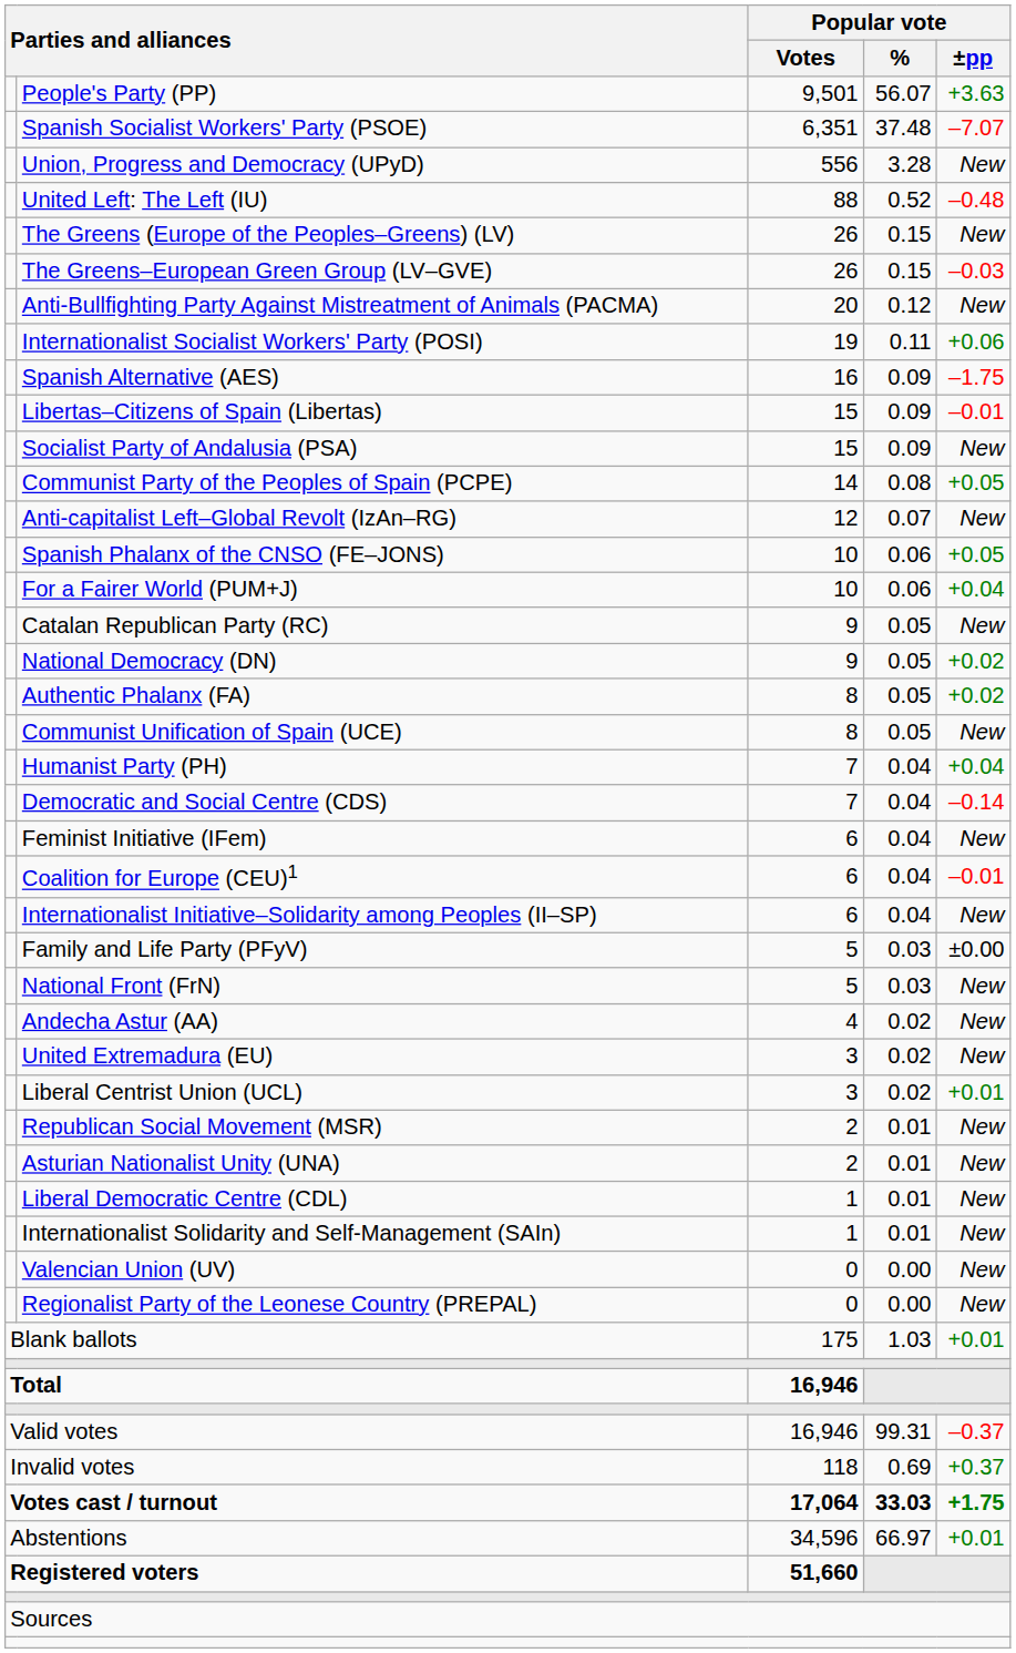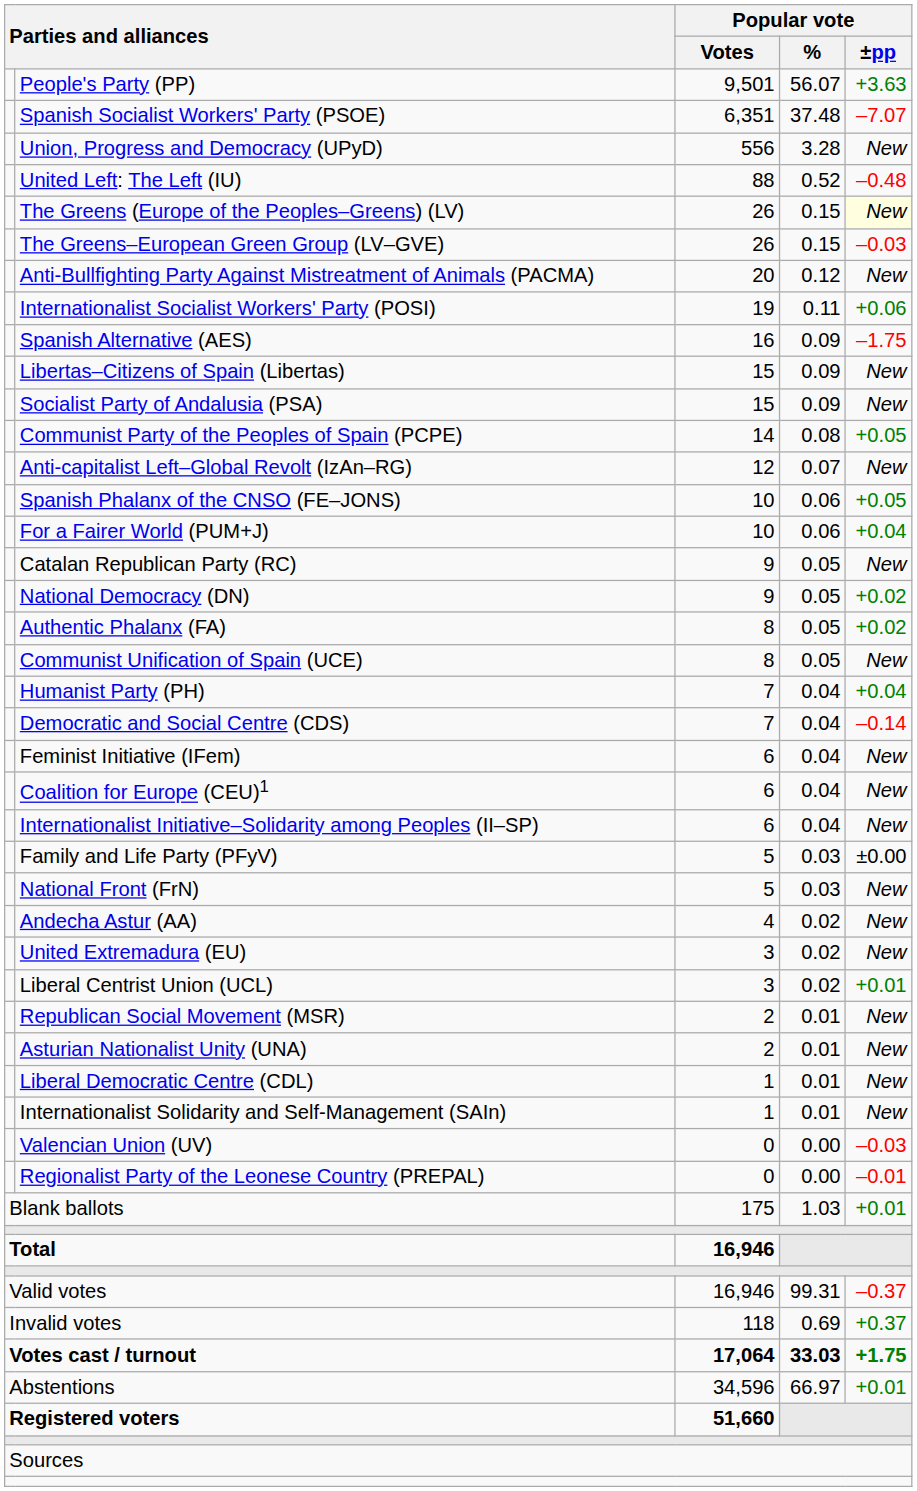 <table class="wikitable" style="text-align:right">
 <tr>
 <th style="text-align:left;" rowspan="2" colspan="2" width="525">Parties and alliances</th>
 <th colspan="3">Popular vote</th>
 </tr>
 <tr>
 <th width="75">Votes</th>
 <th width="45">%</th>
 <th width="45">±<a href='#'>pp</a></th>
 </tr>
 <tr>
 <td width="1" style="color:inherit;background:"></td>
 <td align="left"><a href='#'>People's Party</a> (PP)</td>
 <td>9,501</td>
 <td>56.07</td>
 <td style="color:green;">+3.63</td>
 </tr>
 <tr>
 <td style="color:inherit;background:"></td>
 <td align="left"><a href='#'>Spanish Socialist Workers' Party</a> (PSOE)</td>
 <td>6,351</td>
 <td>37.48</td>
 <td style="color:red;">–7.07</td>
 </tr>
 <tr>
 <td style="color:inherit;background:"></td>
 <td align="left"><a href='#'>Union, Progress and Democracy</a> (UPyD)</td>
 <td>556</td>
 <td>3.28</td>
 <td><em>New</em></td>
 </tr>
 <tr>
 <td style="color:inherit;background:"></td>
 <td align="left"><a href='#'>United Left</a>: <a href='#'>The Left</a> (IU)</td>
 <td>88</td>
 <td>0.52</td>
 <td style="color:red;">–0.48</td>
 </tr>
 <tr>
 <td style="color:inherit;background:"></td>
 <td align="left"><a href='#'>The Greens</a> (<a href='#'>Europe of the Peoples–Greens</a>) (LV)</td>
 <td>26</td>
 <td>0.15</td>
-<td><em>New</em></td>
+<td style="background: lightyellow;"><em>New</em></td>
 </tr>
 <tr>
 <td style="color:inherit;background:"></td>
 <td align="left"><a href='#'>The Greens–European Green Group</a> (LV–GVE)</td>
 <td>26</td>
 <td>0.15</td>
 <td style="color:red;">–0.03</td>
 </tr>
 <tr>
 <td style="color:inherit;background:"></td>
 <td align="left"><a href='#'>Anti-Bullfighting Party Against Mistreatment of Animals</a> (PACMA)</td>
 <td>20</td>
 <td>0.12</td>
 <td><em>New</em></td>
 </tr>
 <tr>
 <td style="color:inherit;background:"></td>
 <td align="left"><a href='#'>Internationalist Socialist Workers' Party</a> (POSI)</td>
 <td>19</td>
 <td>0.11</td>
 <td style="color:green;">+0.06</td>
 </tr>
 <tr>
 <td style="color:inherit;background:"></td>
 <td align="left"><a href='#'>Spanish Alternative</a> (AES)</td>
 <td>16</td>
 <td>0.09</td>
 <td style="color:red;">–1.75</td>
 </tr>
 <tr>
 <td style="color:inherit;background:"></td>
 <td align="left"><a href='#'>Libertas–Citizens of Spain</a> (Libertas)</td>
 <td>15</td>
 <td>0.09</td>
-<td style="color:red;">–0.01</td>
+<td><em>New</em></td>
 </tr>
 <tr>
 <td style="color:inherit;background:"></td>
 <td align="left"><a href='#'>Socialist Party of Andalusia</a> (PSA)</td>
 <td>15</td>
 <td>0.09</td>
 <td><em>New</em></td>
 </tr>
 <tr>
 <td style="color:inherit;background:"></td>
 <td align="left"><a href='#'>Communist Party of the Peoples of Spain</a> (PCPE)</td>
 <td>14</td>
 <td>0.08</td>
 <td style="color:green;">+0.05</td>
 </tr>
 <tr>
 <td style="color:inherit;background:"></td>
 <td align="left"><a href='#'>Anti-capitalist Left–Global Revolt</a> (IzAn–RG)</td>
 <td>12</td>
 <td>0.07</td>
 <td><em>New</em></td>
 </tr>
 <tr>
 <td style="color:inherit;background:"></td>
 <td align="left"><a href='#'>Spanish Phalanx of the CNSO</a> (FE–JONS)</td>
 <td>10</td>
 <td>0.06</td>
 <td style="color:green;">+0.05</td>
 </tr>
 <tr>
 <td style="color:inherit;background:"></td>
 <td align="left"><a href='#'>For a Fairer World</a> (PUM+J)</td>
 <td>10</td>
 <td>0.06</td>
 <td style="color:green;">+0.04</td>
 </tr>
 <tr>
 <td style="color:inherit;background:"></td>
 <td align="left">Catalan Republican Party (RC)</td>
 <td>9</td>
 <td>0.05</td>
 <td><em>New</em></td>
 </tr>
 <tr>
 <td style="color:inherit;background:"></td>
 <td align="left"><a href='#'>National Democracy</a> (DN)</td>
 <td>9</td>
 <td>0.05</td>
 <td style="color:green;">+0.02</td>
 </tr>
 <tr>
 <td style="color:inherit;background:"></td>
 <td align="left"><a href='#'>Authentic Phalanx</a> (FA)</td>
 <td>8</td>
 <td>0.05</td>
 <td style="color:green;">+0.02</td>
 </tr>
 <tr>
 <td style="color:inherit;background:"></td>
 <td align="left"><a href='#'>Communist Unification of Spain</a> (UCE)</td>
 <td>8</td>
 <td>0.05</td>
 <td><em>New</em></td>
 </tr>
 <tr>
 <td style="color:inherit;background:"></td>
 <td align="left"><a href='#'>Humanist Party</a> (PH)</td>
 <td>7</td>
 <td>0.04</td>
 <td style="color:green;">+0.04</td>
 </tr>
 <tr>
 <td style="color:inherit;background:"></td>
 <td align="left"><a href='#'>Democratic and Social Centre</a> (CDS)</td>
 <td>7</td>
 <td>0.04</td>
 <td style="color:red;">–0.14</td>
 </tr>
 <tr>
 <td style="color:inherit;background:"></td>
 <td align="left">Feminist Initiative (IFem)</td>
 <td>6</td>
 <td>0.04</td>
 <td><em>New</em></td>
 </tr>
 <tr>
 <td style="color:inherit;background:"></td>
 <td align="left"><a href='#'>Coalition for Europe</a> (CEU)<sup>1</sup></td>
 <td>6</td>
 <td>0.04</td>
-<td style="color:red;">–0.01</td>
+<td><em>New</em></td>
 </tr>
 <tr>
 <td style="color:inherit;background:"></td>
 <td align="left"><a href='#'>Internationalist Initiative–Solidarity among Peoples</a> (II–SP)</td>
 <td>6</td>
 <td>0.04</td>
 <td><em>New</em></td>
 </tr>
 <tr>
 <td style="color:inherit;background:"></td>
 <td align="left">Family and Life Party (PFyV)</td>
 <td>5</td>
 <td>0.03</td>
 <td>±0.00</td>
 </tr>
 <tr>
 <td style="color:inherit;background:"></td>
 <td align="left"><a href='#'>National Front</a> (FrN)</td>
 <td>5</td>
 <td>0.03</td>
 <td><em>New</em></td>
 </tr>
 <tr>
 <td style="color:inherit;background:"></td>
 <td align="left"><a href='#'>Andecha Astur</a> (AA)</td>
 <td>4</td>
 <td>0.02</td>
 <td><em>New</em></td>
 </tr>
 <tr>
 <td style="color:inherit;background:"></td>
 <td align="left"><a href='#'>United Extremadura</a> (EU)</td>
 <td>3</td>
 <td>0.02</td>
 <td><em>New</em></td>
 </tr>
 <tr>
 <td style="color:inherit;background:"></td>
 <td align="left">Liberal Centrist Union (UCL)</td>
 <td>3</td>
 <td>0.02</td>
 <td style="color:green;">+0.01</td>
 </tr>
 <tr>
 <td style="color:inherit;background:"></td>
 <td align="left"><a href='#'>Republican Social Movement</a> (MSR)</td>
 <td>2</td>
 <td>0.01</td>
 <td><em>New</em></td>
 </tr>
 <tr>
 <td style="color:inherit;background:"></td>
 <td align="left"><a href='#'>Asturian Nationalist Unity</a> (UNA)</td>
 <td>2</td>
 <td>0.01</td>
 <td><em>New</em></td>
 </tr>
 <tr>
 <td style="color:inherit;background:"></td>
 <td align="left"><a href='#'>Liberal Democratic Centre</a> (CDL)</td>
 <td>1</td>
 <td>0.01</td>
 <td><em>New</em></td>
 </tr>
 <tr>
 <td style="color:inherit;background:"></td>
 <td align="left">Internationalist Solidarity and Self-Management (SAIn)</td>
 <td>1</td>
 <td>0.01</td>
 <td><em>New</em></td>
 </tr>
 <tr>
 <td style="color:inherit;background:"></td>
 <td align="left"><a href='#'>Valencian Union</a> (UV)</td>
 <td>0</td>
 <td>0.00</td>
-<td><em>New</em></td>
+<td style="color:red;">–0.03</td>
 </tr>
 <tr>
 <td style="color:inherit;background:"></td>
 <td align="left"><a href='#'>Regionalist Party of the Leonese Country</a> (PREPAL)</td>
 <td>0</td>
 <td>0.00</td>
-<td><em>New</em></td>
+<td style="color:red;">–0.01</td>
 </tr>
 <tr>
 <td align="left" colspan="2">Blank ballots</td>
 <td>175</td>
 <td>1.03</td>
 <td style="color:green;">+0.01</td>
 </tr>
 <tr>
 <td colspan="5" bgcolor="#E9E9E9"></td>
 </tr>
 <tr style="font-weight:bold;">
 <td align="left" colspan="2">Total</td>
 <td>16,946</td>
 <td bgcolor="#E9E9E9" colspan="2"></td>
 </tr>
 <tr>
 <td colspan="5" bgcolor="#E9E9E9"></td>
 </tr>
 <tr>
 <td align="left" colspan="2">Valid votes</td>
 <td>16,946</td>
 <td>99.31</td>
 <td style="color:red;">–0.37</td>
 </tr>
 <tr>
 <td align="left" colspan="2">Invalid votes</td>
 <td>118</td>
 <td>0.69</td>
 <td style="color:green;">+0.37</td>
 </tr>
 <tr style="font-weight:bold;">
 <td align="left" colspan="2">Votes cast / turnout</td>
 <td>17,064</td>
 <td>33.03</td>
 <td style="color:green;">+1.75</td>
 </tr>
 <tr>
 <td align="left" colspan="2">Abstentions</td>
 <td>34,596</td>
 <td>66.97</td>
 <td style="color:green;">+0.01</td>
 </tr>
 <tr style="font-weight:bold;">
 <td align="left" colspan="2">Registered voters</td>
 <td>51,660</td>
 <td bgcolor="#E9E9E9" colspan="2"></td>
 </tr>
 <tr>
 <td colspan="5" bgcolor="#E9E9E9"></td>
 </tr>
 <tr>
 <td align="left" colspan="5">Sources</td>
 </tr>
 <tr>
 <td colspan="5" style="text-align:left; max-width:680px;"></td>
 </tr>
 </table>
